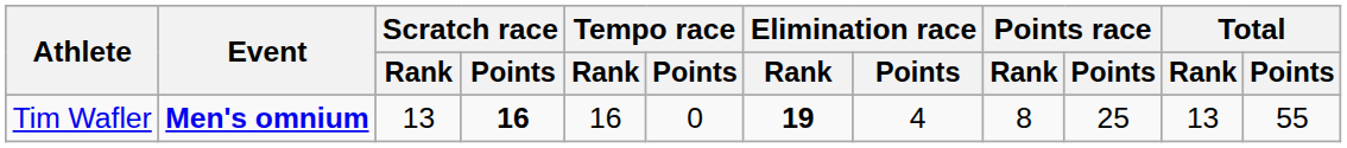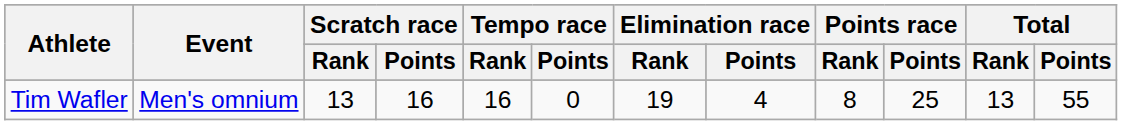 <table class=wikitable style=font-size:90%;text-align:center>
 <tr>
 <th rowspan=2>Athlete</th>
 <th rowspan=2>Event</th>
 <th colspan=2>Scratch race</th>
 <th colspan=2>Tempo race</th>
 <th colspan=2>Elimination race</th>
 <th colspan=2>Points race</th>
 <th colspan=2>Total</th>
 </tr>
 <tr style=font-size:95%>
 <th>Rank</th>
 <th>Points</th>
 <th>Rank</th>
 <th>Points</th>
 <th>Rank</th>
 <th>Points</th>
 <th>Rank</th>
 <th>Points</th>
 <th>Rank</th>
 <th>Points</th>
 </tr>
 <tr>
 <td align=left><a href='#'>Tim Wafler</a></td>
-<td align=left><strong><a href='#'>Men's omnium</a></strong></td>
+<td align=left><a href='#'>Men's omnium</a></td>
 <td>13</td>
-<td><strong>16</strong></td>
+<td>16</td>
 <td>16</td>
 <td>0</td>
-<td><strong>19</strong></td>
+<td>19</td>
 <td>4</td>
 <td>8</td>
 <td>25</td>
 <td>13</td>
 <td>55</td>
 </tr>
 </table>
